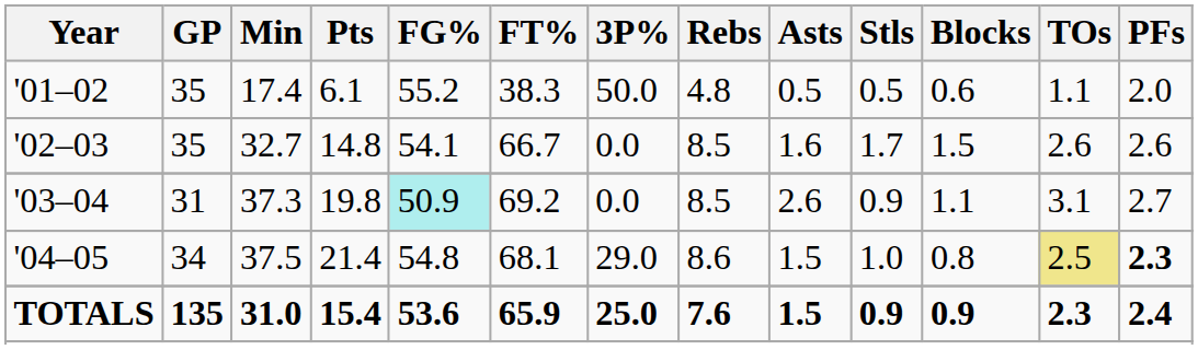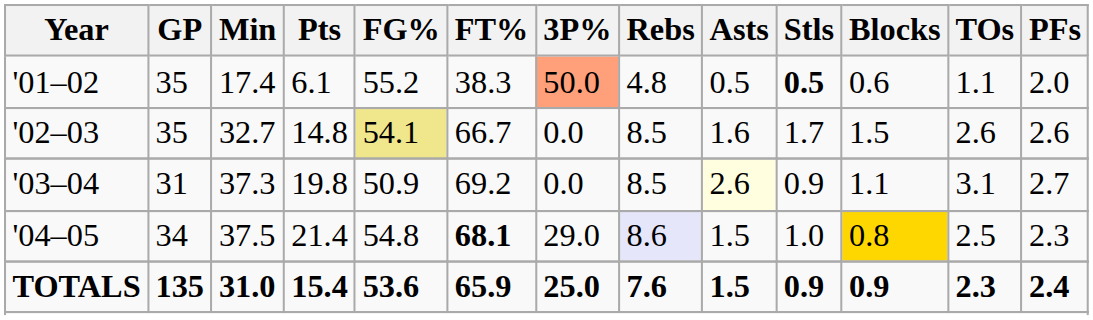 <table class="wikitable">
 <tr>
 <th>Year</th>
 <th>GP</th>
 <th>Min</th>
 <th>Pts</th>
 <th>FG%</th>
 <th>FT%</th>
 <th>3P%</th>
 <th>Rebs</th>
 <th>Asts</th>
 <th>Stls</th>
 <th>Blocks</th>
 <th>TOs</th>
 <th>PFs</th>
 </tr>
 <tr>
 <td>'01–02</td>
 <td>35</td>
 <td>17.4</td>
 <td>6.1</td>
 <td>55.2</td>
 <td>38.3</td>
-<td>50.0</td>
+<td style="background: lightsalmon;">50.0</td>
 <td>4.8</td>
 <td>0.5</td>
-<td>0.5</td>
+<td><strong>0.5</strong></td>
 <td>0.6</td>
 <td>1.1</td>
 <td>2.0</td>
 </tr>
 <tr>
 </tr>
 <tr>
 <td>'02–03</td>
 <td>35</td>
 <td>32.7</td>
 <td>14.8</td>
-<td>54.1</td>
+<td style="background: khaki;">54.1</td>
 <td>66.7</td>
 <td>0.0</td>
 <td>8.5</td>
 <td>1.6</td>
 <td>1.7</td>
 <td>1.5</td>
 <td>2.6</td>
 <td>2.6</td>
 </tr>
 <tr>
 </tr>
 <tr>
 <td>'03–04</td>
 <td>31</td>
 <td>37.3</td>
 <td>19.8</td>
-<td style="background: paleturquoise;">50.9</td>
+<td>50.9</td>
 <td>69.2</td>
 <td>0.0</td>
 <td>8.5</td>
-<td>2.6</td>
+<td style="background: lightyellow;">2.6</td>
 <td>0.9</td>
 <td>1.1</td>
 <td>3.1</td>
 <td>2.7</td>
 </tr>
 <tr>
 </tr>
 <tr>
 <td>'04–05</td>
 <td>34</td>
 <td>37.5</td>
 <td>21.4</td>
 <td>54.8</td>
-<td>68.1</td>
+<td><strong>68.1</strong></td>
 <td>29.0</td>
-<td>8.6</td>
+<td style="background: lavender;">8.6</td>
 <td>1.5</td>
 <td>1.0</td>
-<td>0.8</td>
-<td style="background: khaki;">2.5</td>
-<td><strong>2.3</strong></td>
+<td style="background: gold;">0.8</td>
+<td>2.5</td>
+<td>2.3</td>
 </tr>
 <tr>
 </tr>
 <tr>
 <td><strong>TOTALS</strong></td>
 <td><strong>135</strong></td>
 <td><strong>31.0</strong></td>
 <td><strong>15.4</strong></td>
 <td><strong>53.6</strong></td>
 <td><strong>65.9</strong></td>
 <td><strong>25.0</strong></td>
 <td><strong>7.6</strong></td>
 <td><strong>1.5</strong></td>
 <td><strong>0.9</strong></td>
 <td><strong>0.9</strong></td>
 <td><strong>2.3</strong></td>
 <td><strong>2.4</strong></td>
 </tr>
 <tr>
 </tr>
 <tr>
 </tr>
 </table>
